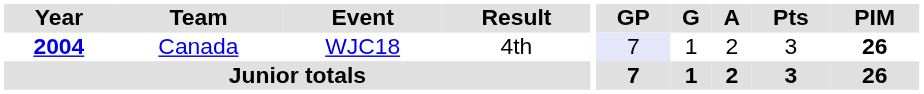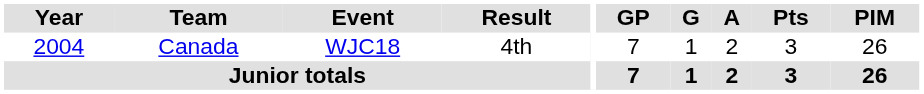 <table border="0" cellpadding="1" cellspacing="0" ID="Table3" style="text-align:center; width:40em">
 <tr ALIGN="center" bgcolor="#e0e0e0">
 <th>Year</th>
 <th>Team</th>
 <th>Event</th>
 <th>Result</th>
 <th rowspan="99" bgcolor="#ffffff"></th>
 <th>GP</th>
 <th>G</th>
 <th>A</th>
 <th>Pts</th>
 <th>PIM</th>
 </tr>
 <tr>
-<td><strong><a href='#'>2004</a></strong></td>
+<td><a href='#'>2004</a></td>
 <td><a href='#'>Canada</a></td>
 <td><a href='#'>WJC18</a></td>
 <td>4th</td>
-<td style="background: lavender;">7</td>
+<td>7</td>
 <td>1</td>
 <td>2</td>
 <td>3</td>
-<td><strong>26</strong></td>
+<td>26</td>
 </tr>
 <tr bgcolor="#e0e0e0">
 <th colspan="4">Junior totals</th>
 <th>7</th>
 <th>1</th>
 <th>2</th>
 <th>3</th>
 <th>26</th>
 </tr>
 </table>
